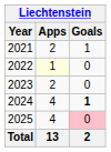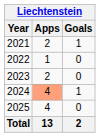 <table class="wikitable" style="text-align:center">
 <tr>
 <th colspan="5"><a href='#'>Liechtenstein</a></th>
 </tr>
 <tr>
 <th>Year</th>
 <th>Apps</th>
 <th>Goals</th>
 </tr>
 <tr>
 <td>2021</td>
 <td>2</td>
 <td>1</td>
 </tr>
 <tr>
 <td>2022</td>
-<td style="background: lightyellow;">1</td>
+<td>1</td>
 <td>0</td>
 </tr>
 <tr>
 <td>2023</td>
 <td>2</td>
 <td>0</td>
 </tr>
 <tr>
 <td>2024</td>
-<td>4</td>
-<td><strong>1</strong></td>
+<td style="background: lightsalmon;">4</td>
+<td>1</td>
 </tr>
 <tr>
 <td>2025</td>
 <td>4</td>
-<td style="background: pink;">0</td>
+<td>0</td>
 </tr>
 <tr>
 <th colspan="1">Total</th>
 <th>13</th>
 <th>2</th>
 </tr>
 </table>
